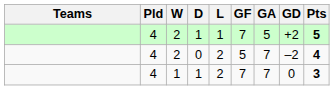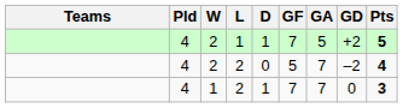 <table class="wikitable" style="text-align: center;">
 <tr>
 <th width=165>Teams</th>
 <th width=20>Pld</th>
 <th width=20>W</th>
+<th width=20>L</th>
 <th width=20>D</th>
-<th width=20>L</th>
 <th width=20>GF</th>
 <th width=20>GA</th>
 <th width=20>GD</th>
 <th width=20>Pts</th>
 </tr>
 <tr align=center style="background:#ccffcc;">
 <td style="text-align:left;"></td>
 <td>4</td>
 <td>2</td>
 <td>1</td>
 <td>1</td>
 <td>7</td>
 <td>5</td>
 <td>+2</td>
 <td><strong>5</strong></td>
 </tr>
 <tr align=center>
 <td style="text-align:left;"></td>
 <td>4</td>
 <td>2</td>
+<td>2</td>
 <td>0</td>
-<td>2</td>
 <td>5</td>
 <td>7</td>
 <td>–2</td>
 <td><strong>4</strong></td>
 </tr>
 <tr align=center>
 <td style="text-align:left;"></td>
 <td>4</td>
 <td>1</td>
+<td>2</td>
 <td>1</td>
-<td>2</td>
 <td>7</td>
 <td>7</td>
 <td>0</td>
 <td><strong>3</strong></td>
 </tr>
 </table>
